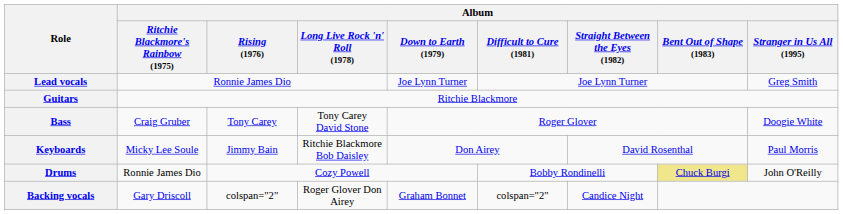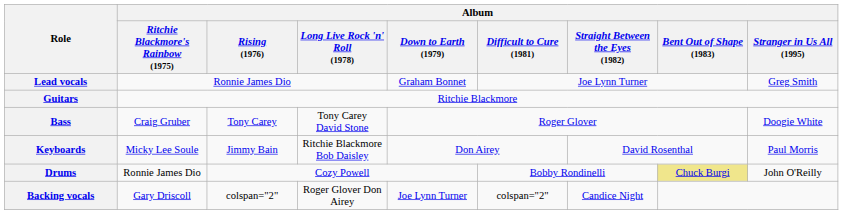 <table class="wikitable" style="text-align:center; width:100%;">
 <tr>
 <th rowspan="2" style="width:10%;">Role</th>
 <th colspan="8" style="text-align:center;">Album</th>
 </tr>
 <tr>
 <th style="text-align:center; width:8%;"><em><a href='#'>Ritchie Blackmore's Rainbow</a></em><br><small>(1975)</small></th>
 <th style="text-align:center; width:8%;"><em><a href='#'>Rising</a></em><br><small>(1976)</small></th>
 <th style="text-align:center; width:8%;"><em><a href='#'>Long Live Rock 'n' Roll</a></em><br><small>(1978)</small></th>
 <th style="text-align:center; width:8%;"><em><a href='#'>Down to Earth</a></em><br><small>(1979)</small></th>
 <th style="text-align:center; width:8%;"><em><a href='#'>Difficult to Cure</a></em><br><small>(1981)</small></th>
 <th style="text-align:center; width:8%;"><em><a href='#'>Straight Between the Eyes</a></em><br><small>(1982)</small></th>
 <th style="text-align:center; width:8%;"><em><a href='#'>Bent Out of Shape</a></em><br><small>(1983)</small></th>
 <th style="text-align:center; width:8%;"><em><a href='#'>Stranger in Us All</a></em><br><small>(1995)</small></th>
 </tr>
 <tr>
 <th><a href='#'>Lead vocals</a></th>
 <td colspan="3"><a href='#'>Ronnie James Dio</a></td>
-<td colspan="1"><a href='#'>Joe Lynn Turner</a></td>
+<td colspan="1"><a href='#'>Graham Bonnet</a></td>
 <td colspan="3"><a href='#'>Joe Lynn Turner</a></td>
 <td colspan="1"><a href='#'>Greg Smith</a></td>
 </tr>
 <tr>
 <th><a href='#'>Guitars</a></th>
 <td colspan="8"><a href='#'>Ritchie Blackmore</a></td>
 </tr>
 <tr>
 <th><a href='#'>Bass</a></th>
 <td colspan="1"><a href='#'>Craig Gruber</a></td>
 <td colspan="1"><a href='#'>Tony Carey</a></td>
 <td colspan="1">Tony Carey<br><a href='#'>David Stone</a></td>
 <td colspan="4"><a href='#'>Roger Glover</a></td>
 <td colspan="1"><a href='#'>Doogie White</a></td>
 </tr>
 <tr>
 <th><a href='#'>Keyboards</a></th>
 <td colspan="1"><a href='#'>Micky Lee Soule</a></td>
 <td colspan="1"><a href='#'>Jimmy Bain</a></td>
 <td colspan="1">Ritchie Blackmore<br><a href='#'>Bob Daisley</a></td>
 <td colspan="2"><a href='#'>Don Airey</a></td>
 <td colspan="2"><a href='#'>David Rosenthal</a></td>
 <td colspan="1"><a href='#'>Paul Morris</a></td>
 </tr>
 <tr>
 <th><a href='#'>Drums</a></th>
 <td colspan="1">Ronnie James Dio</td>
 <td colspan="3"><a href='#'>Cozy Powell</a></td>
 <td colspan="2"><a href='#'>Bobby Rondinelli</a></td>
 <td colspan="1" style="background: khaki;"><a href='#'>Chuck Burgi</a></td>
 <td colspan="1">John O'Reilly</td>
 </tr>
 <tr>
 <th><a href='#'>Backing vocals</a></th>
 <td colspan="1"><a href='#'>Gary Driscoll</a></td>
 <td>colspan="2" </td>
 <td colspan="1">Roger Glover Don Airey</td>
-<td colspan="1"><a href='#'>Graham Bonnet</a></td>
+<td colspan="1"><a href='#'>Joe Lynn Turner</a></td>
 <td>colspan="2" </td>
 <td colspan="1"><a href='#'>Candice Night</a></td>
 </tr>
 </table>
